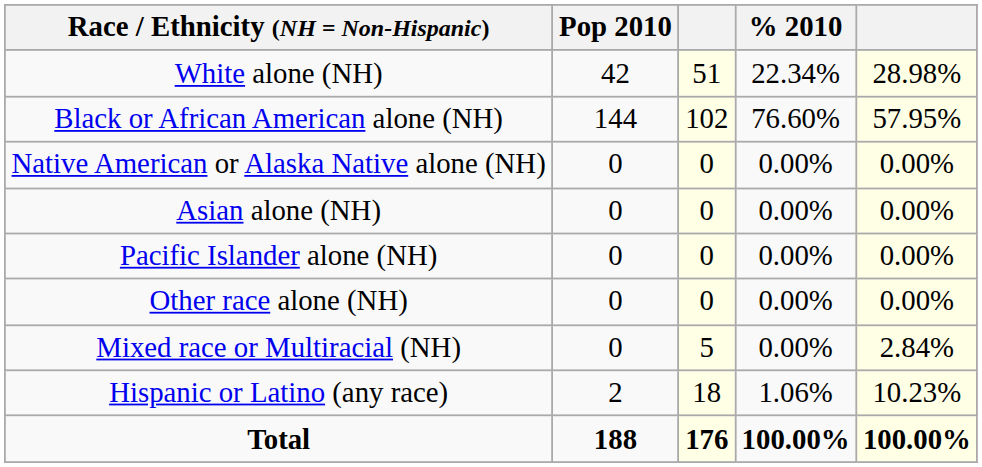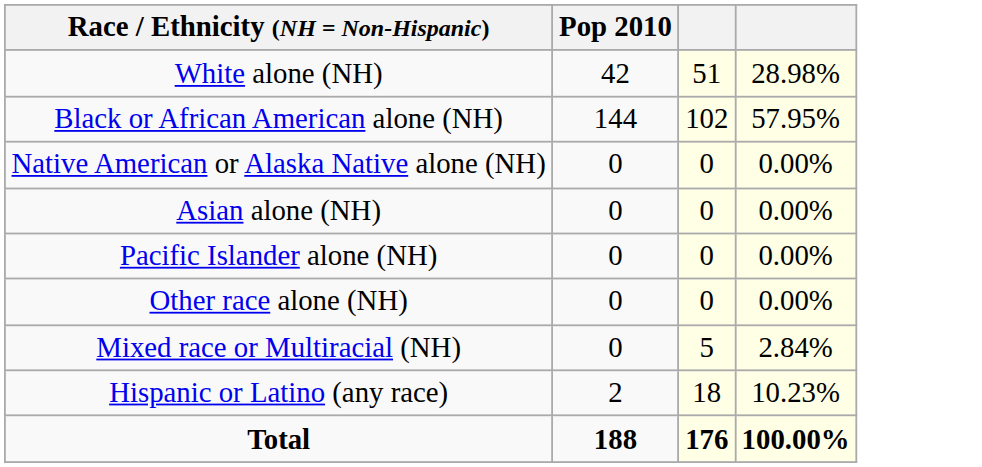 <table class="wikitable"  style="text-align:center;">
 <tr>
 <th>Race / Ethnicity <small>(<em>NH = Non-Hispanic</em>)</small></th>
 <th>Pop 2010</th>
 <th></th>
-<th>% 2010</th>
 <th></th>
 </tr>
 <tr>
 <td><a href='#'>White</a> alone (NH)</td>
 <td>42</td>
 <td style='background: #ffffe6;'>51</td>
-<td>22.34%</td>
 <td style='background: #ffffe6;'>28.98%</td>
 </tr>
 <tr>
 <td><a href='#'>Black or African American</a> alone (NH)</td>
 <td>144</td>
 <td style='background: #ffffe6;'>102</td>
-<td>76.60%</td>
 <td style='background: #ffffe6;'>57.95%</td>
 </tr>
 <tr>
 <td><a href='#'>Native American</a> or <a href='#'>Alaska Native</a> alone (NH)</td>
 <td>0</td>
 <td style='background: #ffffe6;'>0</td>
-<td>0.00%</td>
 <td style='background: #ffffe6;'>0.00%</td>
 </tr>
 <tr>
 <td><a href='#'>Asian</a> alone (NH)</td>
 <td>0</td>
 <td style='background: #ffffe6;'>0</td>
-<td>0.00%</td>
 <td style='background: #ffffe6;'>0.00%</td>
 </tr>
 <tr>
 <td><a href='#'>Pacific Islander</a> alone (NH)</td>
 <td>0</td>
 <td style='background: #ffffe6;'>0</td>
-<td>0.00%</td>
 <td style='background: #ffffe6;'>0.00%</td>
 </tr>
 <tr>
 <td><a href='#'>Other race</a> alone (NH)</td>
 <td>0</td>
 <td style='background: #ffffe6;'>0</td>
-<td>0.00%</td>
 <td style='background: #ffffe6;'>0.00%</td>
 </tr>
 <tr>
 <td><a href='#'>Mixed race or Multiracial</a> (NH)</td>
 <td>0</td>
 <td style='background: #ffffe6;'>5</td>
-<td>0.00%</td>
 <td style='background: #ffffe6;'>2.84%</td>
 </tr>
 <tr>
 <td><a href='#'>Hispanic or Latino</a> (any race)</td>
 <td>2</td>
 <td style='background: #ffffe6;'>18</td>
-<td>1.06%</td>
 <td style='background: #ffffe6;'>10.23%</td>
 </tr>
 <tr>
 <td><strong>Total</strong></td>
 <td><strong>188</strong></td>
 <td style='background: #ffffe6;'><strong>176</strong></td>
-<td><strong>100.00%</strong></td>
 <td style='background: #ffffe6;'><strong>100.00%</strong></td>
 </tr>
 </table>
